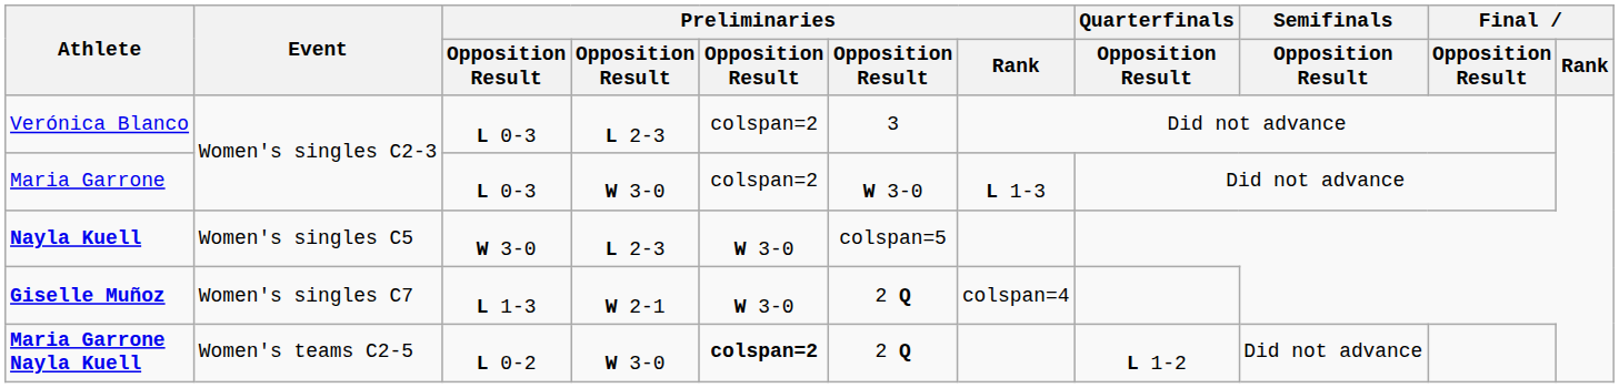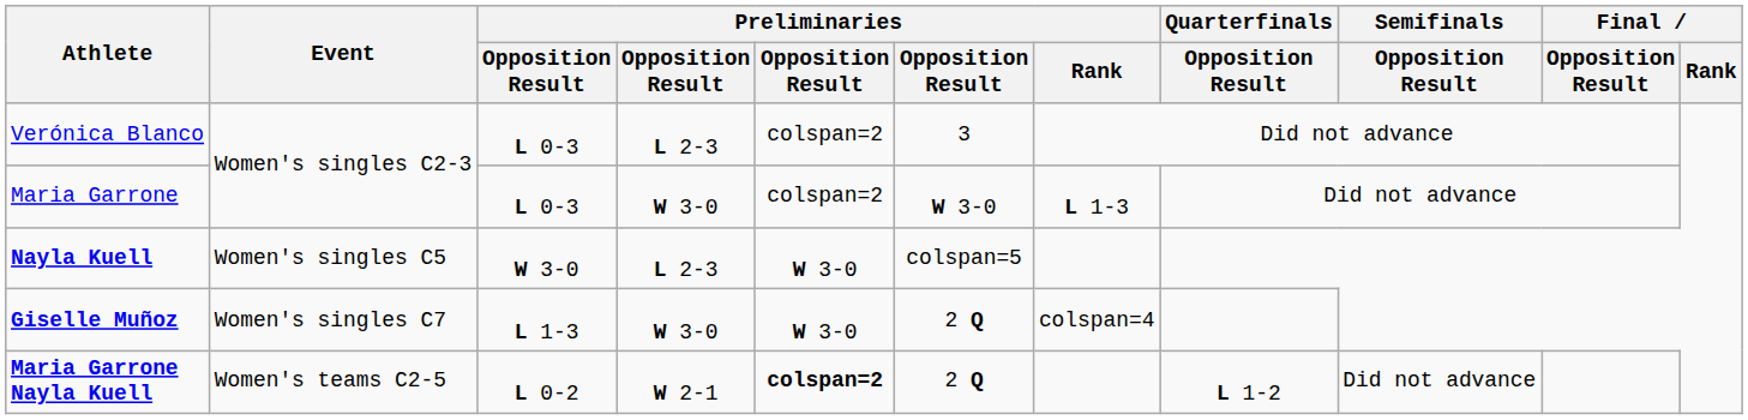 <table class=wikitable style="font-size:90%">
 <tr>
 <th rowspan="2">Athlete</th>
 <th rowspan="2">Event</th>
 <th colspan="5">Preliminaries</th>
 <th>Quarterfinals</th>
 <th>Semifinals</th>
 <th colspan="2">Final / </th>
 </tr>
 <tr>
 <th>Opposition<br>Result</th>
 <th>Opposition<br>Result</th>
 <th>Opposition<br>Result</th>
 <th>Opposition<br>Result</th>
 <th>Rank</th>
 <th>Opposition<br>Result</th>
 <th>Opposition<br>Result</th>
 <th>Opposition<br>Result</th>
 <th>Rank</th>
 </tr>
 <tr align=center>
 <td align=left><a href='#'>Verónica Blanco</a></td>
 <td align=left rowspan=2>Women's singles C2-3</td>
 <td><br><strong>L</strong> 0-3</td>
 <td><br><strong>L</strong> 2-3</td>
 <td>colspan=2 </td>
 <td>3</td>
 <td colspan=4>Did not advance</td>
 </tr>
 <tr align=center>
 <td align=left><a href='#'>Maria Garrone</a></td>
 <td><br><strong>L</strong> 0-3</td>
 <td><br><strong>W</strong> 3-0</td>
 <td>colspan=2 </td>
 <td><br><strong>W</strong> 3-0</td>
 <td><br><strong>L</strong> 1-3</td>
 <td colspan=3>Did not advance</td>
 </tr>
 <tr align=center>
 <td align=left><strong><a href='#'>Nayla Kuell</a></strong></td>
 <td align=left>Women's singles C5</td>
 <td><br><strong>W</strong> 3-0</td>
 <td><br><strong>L</strong> 2-3</td>
 <td><br><strong>W</strong> 3-0</td>
 <td>colspan=5 </td>
 <td></td>
 </tr>
 <tr align=center>
 <td align=left><strong><a href='#'>Giselle Muñoz</a></strong></td>
 <td align=left>Women's singles C7</td>
 <td><br><strong>L</strong> 1-3</td>
-<td><br><strong>W</strong> 2-1</td>
+<td><br><strong>W</strong> 3-0</td>
 <td><br><strong>W</strong> 3-0</td>
 <td>2 <strong>Q</strong></td>
 <td>colspan=4 </td>
 <td></td>
 </tr>
 <tr align=center>
 <td align=left><strong><a href='#'>Maria Garrone</a><br><a href='#'>Nayla Kuell</a></strong></td>
 <td align=left>Women's teams C2-5</td>
 <td><br><strong>L</strong> 0-2</td>
-<td><br><strong>W</strong> 3-0</td>
+<td><br><strong>W</strong> 2-1</td>
 <td><strong>colspan=2 </strong></td>
 <td>2 <strong>Q</strong></td>
 <td></td>
 <td><br><strong>L</strong> 1-2</td>
 <td>Did not advance</td>
 <td></td>
 </tr>
 </table>
